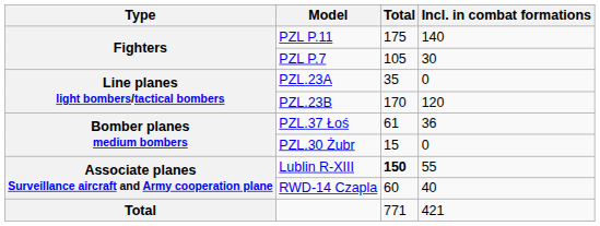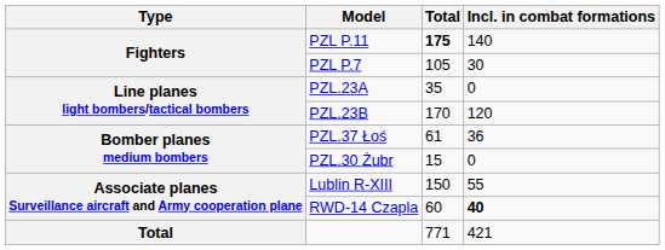 <table class="wikitable">
 <tr>
 <th>Type</th>
 <th>Model</th>
 <th>Total</th>
 <th>Incl. in combat formations</th>
 </tr>
 <tr>
 <th rowspan="2">Fighters</th>
 <td><a href='#'>PZL P.11</a></td>
-<td>175</td>
+<td><strong>175</strong></td>
 <td>140</td>
 </tr>
 <tr>
 <td><a href='#'>PZL P.7</a></td>
 <td>105</td>
 <td>30</td>
 </tr>
 <tr>
 <th rowspan="2">Line planes<br><small><a href='#'>light bombers</a>/<a href='#'>tactical bombers</a></small></th>
 <td><a href='#'>PZL.23A</a></td>
 <td>35</td>
 <td>0</td>
 </tr>
 <tr>
 <td><a href='#'>PZL.23B</a></td>
 <td>170</td>
 <td>120</td>
 </tr>
 <tr>
 <th rowspan="2">Bomber planes<br><small><a href='#'>medium bombers</a></small></th>
 <td><a href='#'>PZL.37 Łoś</a></td>
 <td>61</td>
 <td>36</td>
 </tr>
 <tr>
 <td><a href='#'>PZL.30 Żubr</a></td>
 <td>15</td>
 <td>0</td>
 </tr>
 <tr>
 <th rowspan="2">Associate planes<br><small><a href='#'>Surveillance aircraft</a> and <a href='#'>Army cooperation plane</a></small></th>
 <td><a href='#'>Lublin R-XIII</a></td>
-<td><strong>150</strong></td>
+<td>150</td>
 <td>55</td>
 </tr>
 <tr>
 <td><a href='#'>RWD-14 Czapla</a></td>
 <td>60</td>
-<td>40</td>
+<td><strong>40</strong></td>
 </tr>
 <tr>
 <th>Total</th>
 <td></td>
 <td>771</td>
 <td>421</td>
 </tr>
 </table>
